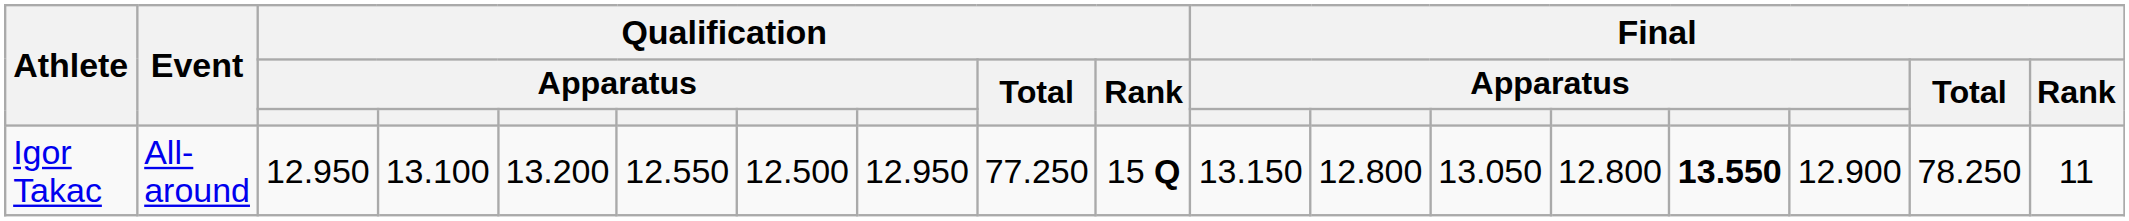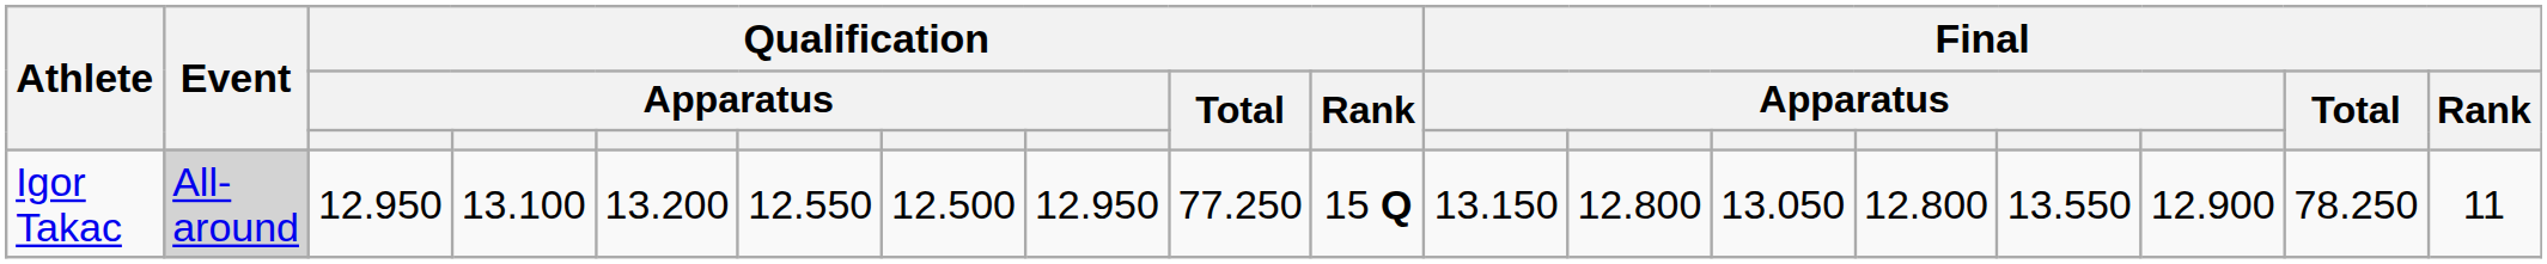 <table class="wikitable" style="font-size:90%">
 <tr>
 <th rowspan=3>Athlete</th>
 <th rowspan=3>Event</th>
 <th colspan=8>Qualification</th>
 <th colspan=8>Final</th>
 </tr>
 <tr style="font-size:95%">
 <th colspan=6>Apparatus</th>
 <th rowspan=2>Total</th>
 <th rowspan=2>Rank</th>
 <th colspan=6>Apparatus</th>
 <th rowspan=2>Total</th>
 <th rowspan=2>Rank</th>
 </tr>
 <tr style="font-size:95%">
 <th></th>
 <th></th>
 <th></th>
 <th></th>
 <th></th>
 <th></th>
 <th></th>
 <th></th>
 <th></th>
 <th></th>
 <th></th>
 <th></th>
 </tr>
 <tr align=center>
 <td align=left><a href='#'>Igor Takac</a></td>
-<td align=left><a href='#'>All-around</a></td>
+<td align=left style="background: lightgrey;"><a href='#'>All-around</a></td>
 <td>12.950</td>
 <td>13.100</td>
 <td>13.200</td>
 <td>12.550</td>
 <td>12.500</td>
 <td>12.950</td>
 <td>77.250</td>
 <td>15 <strong>Q</strong></td>
 <td>13.150</td>
 <td>12.800</td>
 <td>13.050</td>
 <td>12.800</td>
-<td><strong>13.550</strong></td>
+<td>13.550</td>
 <td>12.900</td>
 <td>78.250</td>
 <td>11</td>
 </tr>
 </table>
